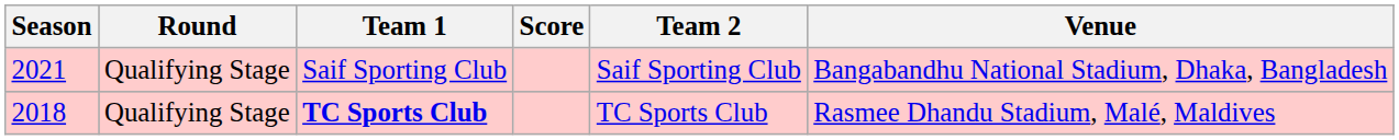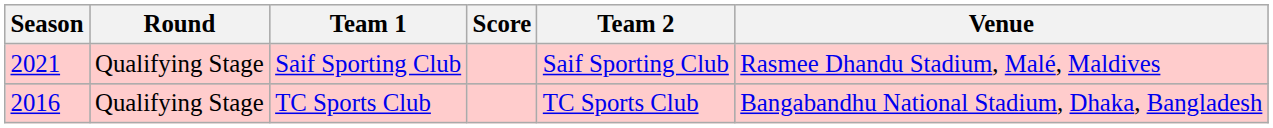 <table class="wikitable">
 <tr>
 <th>Season</th>
 <th>Round</th>
 <th>Team 1</th>
 <th>Score</th>
 <th>Team 2</th>
 <th>Venue</th>
 </tr>
 <tr style="background:#FFCCCC;">
 <td><a href='#'>2021</a></td>
 <td>Qualifying Stage</td>
 <td> <a href='#'>Saif Sporting Club</a></td>
 <td></td>
 <td> <a href='#'>Saif Sporting Club</a></td>
+<td><a href='#'>Rasmee Dhandu Stadium</a>, <a href='#'>Malé</a>, <a href='#'>Maldives</a></td>
+</tr>
+<tr style="background:#FFCCCC;">
+<td><a href='#'>2016</a></td>
+<td>Qualifying Stage</td>
+<td> <a href='#'>TC Sports Club</a></td>
+<td></td>
+<td> <a href='#'>TC Sports Club</a></td>
 <td><a href='#'>Bangabandhu National Stadium</a>, <a href='#'>Dhaka</a>, <a href='#'>Bangladesh</a></td>
 </tr>
-<tr style="background:#FFCCCC;">
-<td><a href='#'>2018</a></td>
-<td>Qualifying Stage</td>
-<td><strong> <a href='#'>TC Sports Club</a></strong></td>
-<td></td>
-<td> <a href='#'>TC Sports Club</a></td>
-<td><a href='#'>Rasmee Dhandu Stadium</a>, <a href='#'>Malé</a>, <a href='#'>Maldives</a></td>
-</tr>
 </table>
